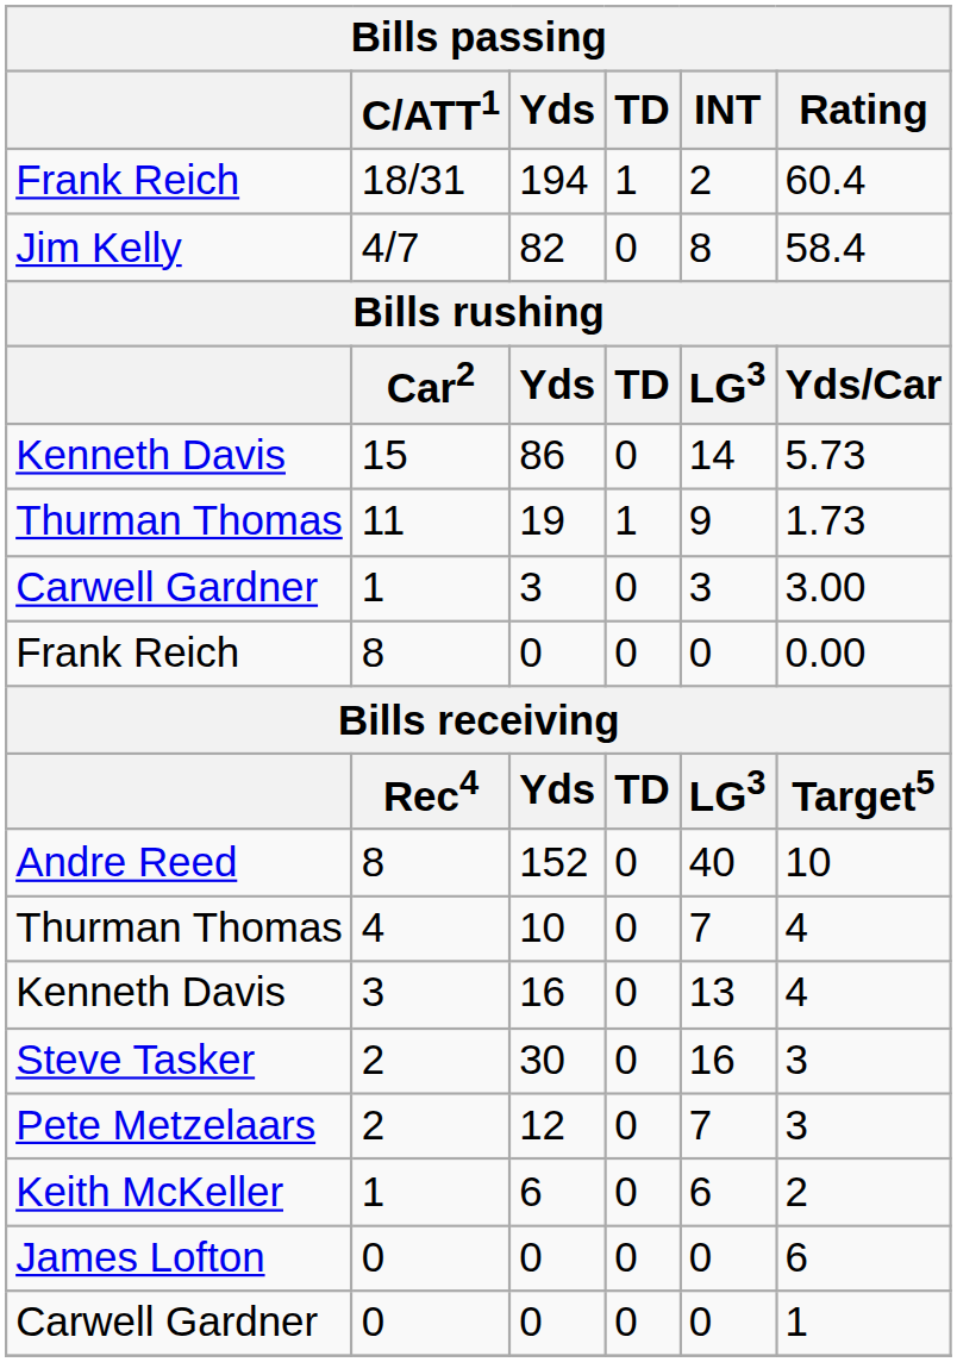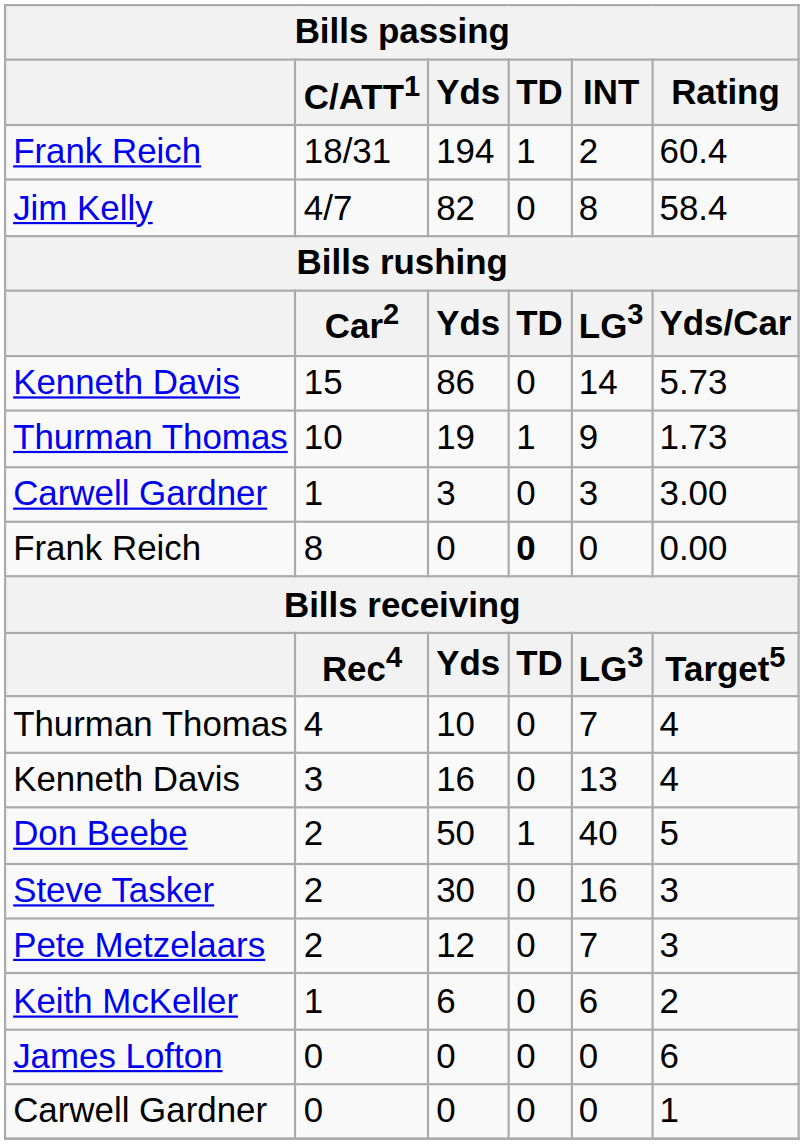 <table class="wikitable">
 <tr>
 <th colspan="6">Bills passing</th>
 </tr>
 <tr>
 <th></th>
 <th>C/ATT<sup>1</sup></th>
 <th>Yds</th>
 <th>TD</th>
 <th>INT</th>
 <th>Rating</th>
 </tr>
 <tr>
 <td><a href='#'>Frank Reich</a></td>
 <td>18/31</td>
 <td>194</td>
 <td>1</td>
 <td>2</td>
 <td>60.4</td>
 </tr>
 <tr>
 <td><a href='#'>Jim Kelly</a></td>
 <td>4/7</td>
 <td>82</td>
 <td>0</td>
 <td>8</td>
 <td>58.4</td>
 </tr>
 <tr>
 <th colspan="6">Bills rushing</th>
 </tr>
 <tr>
 <th></th>
 <th>Car<sup>2</sup></th>
 <th>Yds</th>
 <th>TD</th>
 <th>LG<sup>3</sup></th>
 <th>Yds/Car</th>
 </tr>
 <tr>
 <td><a href='#'>Kenneth Davis</a></td>
 <td>15</td>
 <td>86</td>
 <td>0</td>
 <td>14</td>
 <td>5.73</td>
 </tr>
 <tr>
 <td><a href='#'>Thurman Thomas</a></td>
-<td>11</td>
+<td>10</td>
 <td>19</td>
 <td>1</td>
 <td>9</td>
 <td>1.73</td>
 </tr>
 <tr>
 <td><a href='#'>Carwell Gardner</a></td>
 <td>1</td>
 <td>3</td>
 <td>0</td>
 <td>3</td>
 <td>3.00</td>
 </tr>
 <tr>
 <td>Frank Reich</td>
 <td>8</td>
 <td>0</td>
-<td>0</td>
+<td><strong>0</strong></td>
 <td>0</td>
 <td>0.00</td>
 </tr>
 <tr>
 <th colspan="6">Bills receiving</th>
 </tr>
 <tr>
 <th></th>
 <th>Rec<sup>4</sup></th>
 <th>Yds</th>
 <th>TD</th>
 <th>LG<sup>3</sup></th>
 <th>Target<sup>5</sup></th>
-</tr>
-<tr>
-<td><a href='#'>Andre Reed</a></td>
-<td>8</td>
-<td>152</td>
-<td>0</td>
-<td>40</td>
-<td>10</td>
 </tr>
 <tr>
 <td>Thurman Thomas</td>
 <td>4</td>
 <td>10</td>
 <td>0</td>
 <td>7</td>
 <td>4</td>
 </tr>
 <tr>
 <td>Kenneth Davis</td>
 <td>3</td>
 <td>16</td>
 <td>0</td>
 <td>13</td>
 <td>4</td>
+</tr>
+<tr>
+<td><a href='#'>Don Beebe</a></td>
+<td>2</td>
+<td>50</td>
+<td>1</td>
+<td>40</td>
+<td>5</td>
 </tr>
 <tr>
 <td><a href='#'>Steve Tasker</a></td>
 <td>2</td>
 <td>30</td>
 <td>0</td>
 <td>16</td>
 <td>3</td>
 </tr>
 <tr>
 <td><a href='#'>Pete Metzelaars</a></td>
 <td>2</td>
 <td>12</td>
 <td>0</td>
 <td>7</td>
 <td>3</td>
 </tr>
 <tr>
 <td><a href='#'>Keith McKeller</a></td>
 <td>1</td>
 <td>6</td>
 <td>0</td>
 <td>6</td>
 <td>2</td>
 </tr>
 <tr>
 <td><a href='#'>James Lofton</a></td>
 <td>0</td>
 <td>0</td>
 <td>0</td>
 <td>0</td>
 <td>6</td>
 </tr>
 <tr>
 <td>Carwell Gardner</td>
 <td>0</td>
 <td>0</td>
 <td>0</td>
 <td>0</td>
 <td>1</td>
 </tr>
 <tr>
 </tr>
 </table>
